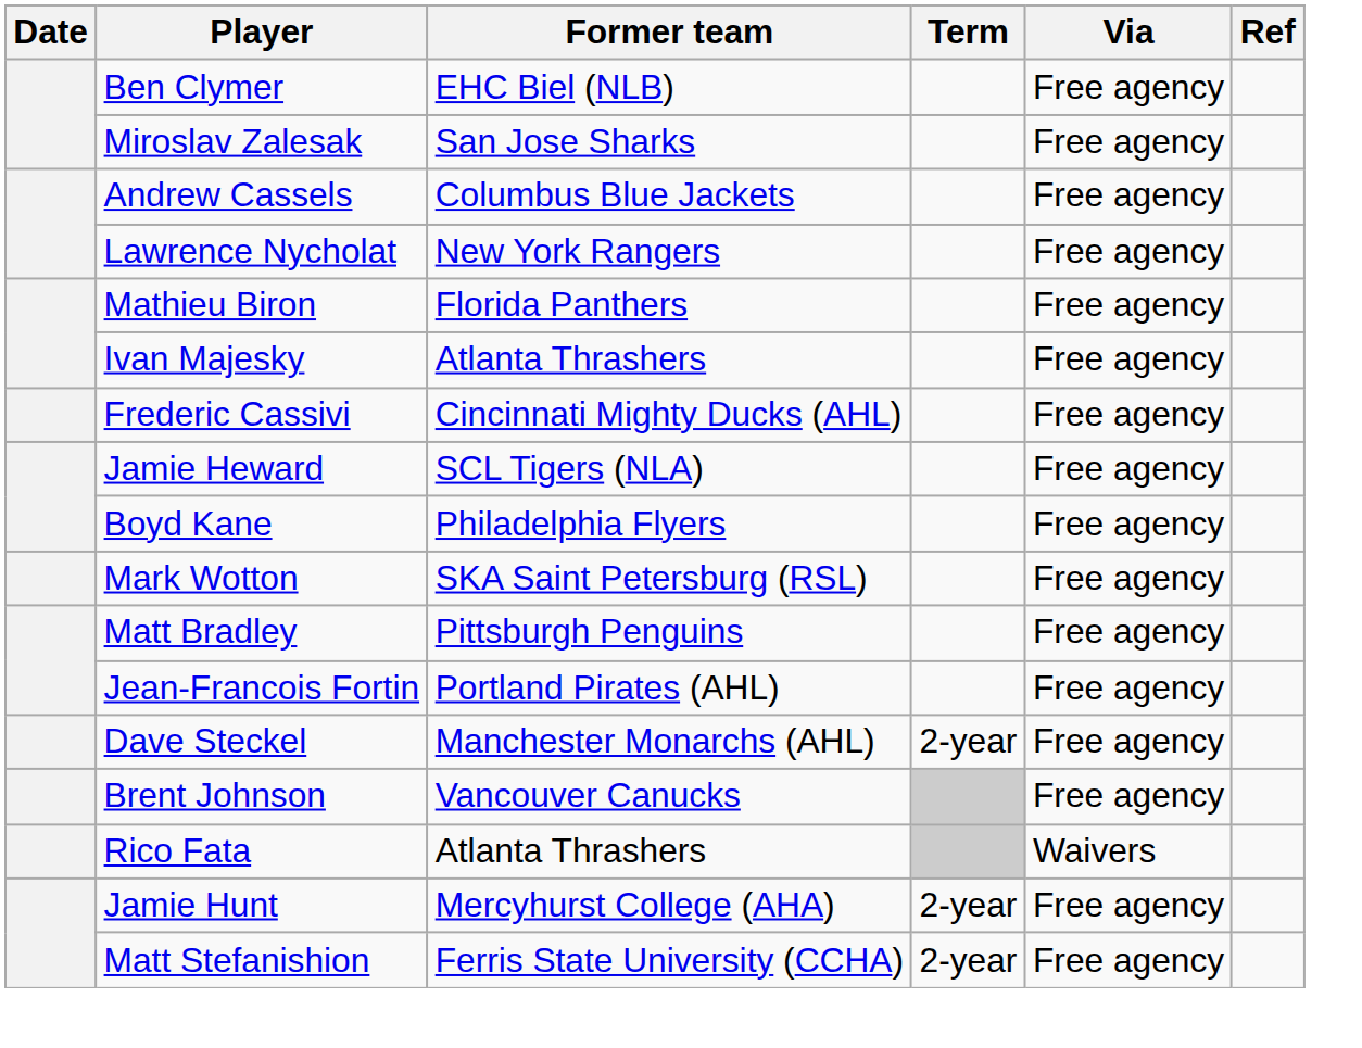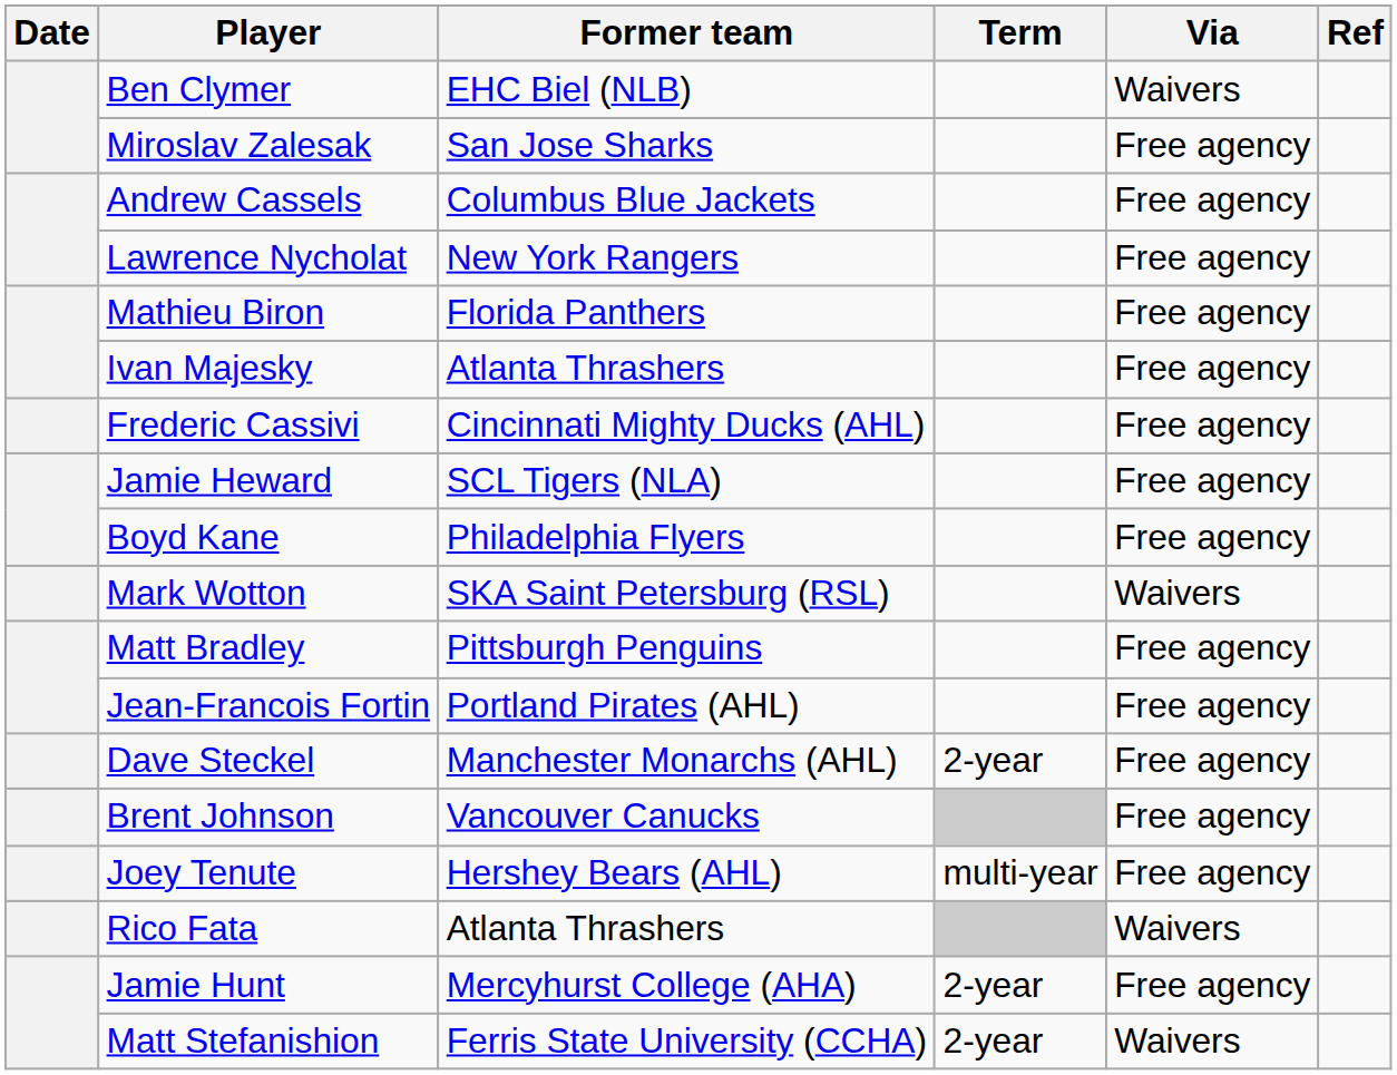 <table class="wikitable plainrowheaders">
 <tr style="background:#ddd; text-align:center;">
 <th>Date</th>
 <th>Player</th>
 <th>Former team</th>
 <th>Term</th>
 <th>Via</th>
 <th>Ref</th>
 </tr>
 <tr>
 <th scope="row" rowspan=2></th>
 <td><a href='#'>Ben Clymer</a></td>
 <td><a href='#'>EHC Biel</a> (<a href='#'>NLB</a>)</td>
 <td></td>
-<td>Free agency</td>
+<td>Waivers</td>
 <td></td>
 </tr>
 <tr>
 <td><a href='#'>Miroslav Zalesak</a></td>
 <td><a href='#'>San Jose Sharks</a></td>
 <td></td>
 <td>Free agency</td>
 <td></td>
 </tr>
 <tr>
 <th scope="row" rowspan=2></th>
 <td><a href='#'>Andrew Cassels</a></td>
 <td><a href='#'>Columbus Blue Jackets</a></td>
 <td></td>
 <td>Free agency</td>
 <td></td>
 </tr>
 <tr>
 <td><a href='#'>Lawrence Nycholat</a></td>
 <td><a href='#'>New York Rangers</a></td>
 <td></td>
 <td>Free agency</td>
 <td></td>
 </tr>
 <tr>
 <th scope="row" rowspan=2></th>
 <td><a href='#'>Mathieu Biron</a></td>
 <td><a href='#'>Florida Panthers</a></td>
 <td></td>
 <td>Free agency</td>
 <td></td>
 </tr>
 <tr>
 <td><a href='#'>Ivan Majesky</a></td>
 <td><a href='#'>Atlanta Thrashers</a></td>
 <td></td>
 <td>Free agency</td>
 <td></td>
 </tr>
 <tr>
 <th scope="row"></th>
 <td><a href='#'>Frederic Cassivi</a></td>
 <td><a href='#'>Cincinnati Mighty Ducks</a> (<a href='#'>AHL</a>)</td>
 <td></td>
 <td>Free agency</td>
 <td></td>
 </tr>
 <tr>
 <th scope="row" rowspan=2></th>
 <td><a href='#'>Jamie Heward</a></td>
 <td><a href='#'>SCL Tigers</a> (<a href='#'>NLA</a>)</td>
 <td></td>
 <td>Free agency</td>
 <td></td>
 </tr>
 <tr>
 <td><a href='#'>Boyd Kane</a></td>
 <td><a href='#'>Philadelphia Flyers</a></td>
 <td></td>
 <td>Free agency</td>
 <td></td>
 </tr>
 <tr>
 <th scope="row"></th>
 <td><a href='#'>Mark Wotton</a></td>
 <td><a href='#'>SKA Saint Petersburg</a> (<a href='#'>RSL</a>)</td>
 <td></td>
-<td>Free agency</td>
+<td>Waivers</td>
 <td></td>
 </tr>
 <tr>
 <th scope="row" rowspan=2></th>
 <td><a href='#'>Matt Bradley</a></td>
 <td><a href='#'>Pittsburgh Penguins</a></td>
 <td></td>
 <td>Free agency</td>
 <td></td>
 </tr>
 <tr>
 <td><a href='#'>Jean-Francois Fortin</a></td>
 <td><a href='#'>Portland Pirates</a> (AHL)</td>
 <td></td>
 <td>Free agency</td>
 <td></td>
 </tr>
 <tr>
 <th scope="row"></th>
 <td><a href='#'>Dave Steckel</a></td>
 <td><a href='#'>Manchester Monarchs</a> (AHL)</td>
 <td>2-year</td>
 <td>Free agency</td>
 <td></td>
 </tr>
 <tr>
 <th scope="row"></th>
 <td><a href='#'>Brent Johnson</a></td>
 <td><a href='#'>Vancouver Canucks</a></td>
 <td style="background:#ccc"></td>
 <td>Free agency</td>
 <td></td>
 </tr>
 <tr>
 <th scope="row"></th>
+<td><a href='#'>Joey Tenute</a></td>
+<td><a href='#'>Hershey Bears</a> (<a href='#'>AHL</a>)</td>
+<td>multi-year</td>
+<td>Free agency</td>
+<td></td>
+</tr>
+<tr>
+<th scope="row"></th>
 <td><a href='#'>Rico Fata</a></td>
 <td>Atlanta Thrashers</td>
 <td style="background:#ccc"></td>
 <td>Waivers</td>
 <td></td>
 </tr>
 <tr>
 <th scope="row" rowspan=2></th>
 <td><a href='#'>Jamie Hunt</a></td>
 <td><a href='#'>Mercyhurst College</a> (<a href='#'>AHA</a>)</td>
 <td>2-year</td>
 <td>Free agency</td>
 <td></td>
 </tr>
 <tr>
 <td><a href='#'>Matt Stefanishion</a></td>
 <td><a href='#'>Ferris State University</a> (<a href='#'>CCHA</a>)</td>
 <td>2-year</td>
-<td>Free agency</td>
+<td>Waivers</td>
 <td></td>
 </tr>
 </table>
